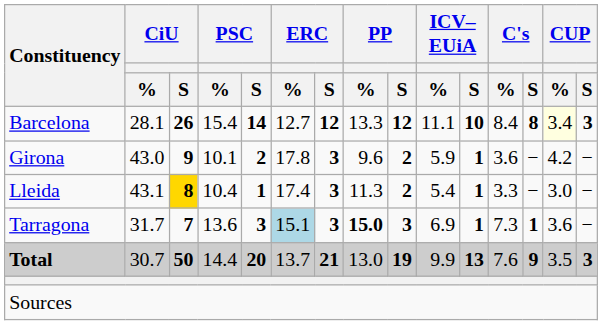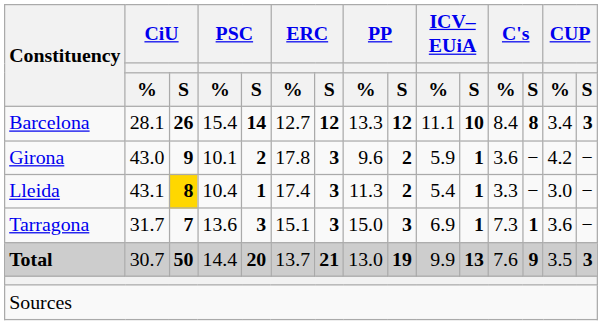 <table class="wikitable sortable" style="text-align:right; line-height:20px;">
 <tr>
 <th rowspan="3">Constituency</th>
 <th colspan="2" width="30px" class="unsortable"><a href='#'>CiU</a></th>
 <th colspan="2" width="30px" class="unsortable"><a href='#'>PSC</a></th>
 <th colspan="2" width="30px" class="unsortable"><a href='#'>ERC</a></th>
 <th colspan="2" width="30px" class="unsortable"><a href='#'>PP</a></th>
 <th colspan="2" width="30px" class="unsortable"><a href='#'>ICV–EUiA</a></th>
 <th colspan="2" width="30px" class="unsortable"><a href='#'>C's</a></th>
 <th colspan="2" width="30px" class="unsortable"><a href='#'>CUP</a></th>
 </tr>
 <tr>
 <th colspan="2" style="background:"></th>
 <th colspan="2" style="background:"></th>
 <th colspan="2" style="background:"></th>
 <th colspan="2" style="background:"></th>
 <th colspan="2" style="background:"></th>
 <th colspan="2" style="background:"></th>
 <th colspan="2" style="background:"></th>
 </tr>
 <tr>
 <th data-sort-type="number">%</th>
 <th data-sort-type="number">S</th>
 <th data-sort-type="number">%</th>
 <th data-sort-type="number">S</th>
 <th data-sort-type="number">%</th>
 <th data-sort-type="number">S</th>
 <th data-sort-type="number">%</th>
 <th data-sort-type="number">S</th>
 <th data-sort-type="number">%</th>
 <th data-sort-type="number">S</th>
 <th data-sort-type="number">%</th>
 <th data-sort-type="number">S</th>
 <th data-sort-type="number">%</th>
 <th data-sort-type="number">S</th>
 </tr>
 <tr>
 <td align="left"><a href='#'>Barcelona</a></td>
 <td style="background:">28.1</td>
 <td><strong>26</strong></td>
 <td>15.4</td>
 <td><strong>14</strong></td>
 <td>12.7</td>
 <td><strong>12</strong></td>
 <td>13.3</td>
 <td><strong>12</strong></td>
 <td>11.1</td>
 <td><strong>10</strong></td>
 <td>8.4</td>
 <td><strong>8</strong></td>
-<td style="background: lightyellow;">3.4</td>
+<td>3.4</td>
 <td><strong>3</strong></td>
 </tr>
 <tr>
 <td align="left"><a href='#'>Girona</a></td>
 <td style="background:">43.0</td>
 <td><strong>9</strong></td>
 <td>10.1</td>
 <td><strong>2</strong></td>
 <td>17.8</td>
 <td><strong>3</strong></td>
 <td>9.6</td>
 <td><strong>2</strong></td>
 <td>5.9</td>
 <td><strong>1</strong></td>
 <td>3.6</td>
 <td>−</td>
 <td>4.2</td>
 <td>−</td>
 </tr>
 <tr>
 <td align="left"><a href='#'>Lleida</a></td>
 <td style="background:">43.1</td>
 <td style="background: gold;"><strong>8</strong></td>
 <td>10.4</td>
 <td><strong>1</strong></td>
 <td>17.4</td>
 <td><strong>3</strong></td>
 <td>11.3</td>
 <td><strong>2</strong></td>
 <td>5.4</td>
 <td><strong>1</strong></td>
 <td>3.3</td>
 <td>−</td>
 <td>3.0</td>
 <td>−</td>
 </tr>
 <tr>
 <td align="left"><a href='#'>Tarragona</a></td>
 <td style="background:">31.7</td>
 <td><strong>7</strong></td>
 <td>13.6</td>
 <td><strong>3</strong></td>
-<td style="background: lightblue;">15.1</td>
+<td>15.1</td>
 <td><strong>3</strong></td>
-<td><strong>15.0</strong></td>
+<td>15.0</td>
 <td><strong>3</strong></td>
 <td>6.9</td>
 <td><strong>1</strong></td>
 <td>7.3</td>
 <td><strong>1</strong></td>
 <td>3.6</td>
 <td>−</td>
 </tr>
 <tr style="background:#CDCDCD;">
 <td align="left"><strong>Total</strong></td>
 <td style="background:">30.7</td>
 <td><strong>50</strong></td>
 <td>14.4</td>
 <td><strong>20</strong></td>
 <td>13.7</td>
 <td><strong>21</strong></td>
 <td>13.0</td>
 <td><strong>19</strong></td>
 <td>9.9</td>
 <td><strong>13</strong></td>
 <td>7.6</td>
 <td><strong>9</strong></td>
 <td>3.5</td>
 <td><strong>3</strong></td>
 </tr>
 <tr>
 <th colspan="15"></th>
 </tr>
 <tr>
 <th style="text-align:left; font-weight:normal; background:#F9F9F9" colspan="15">Sources</th>
 </tr>
 </table>
